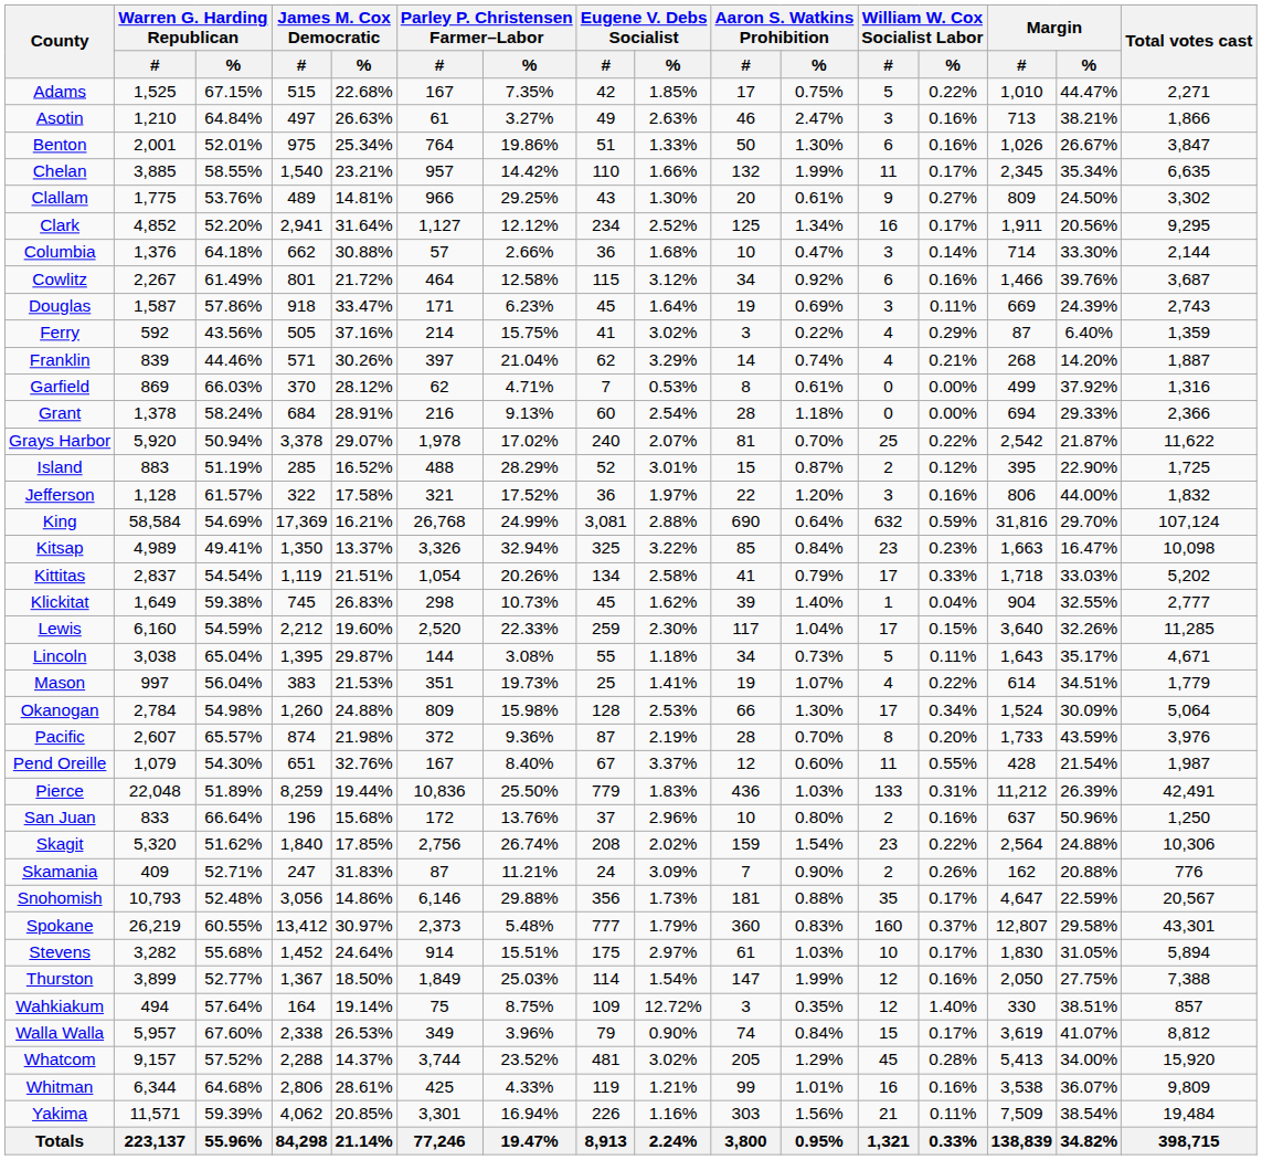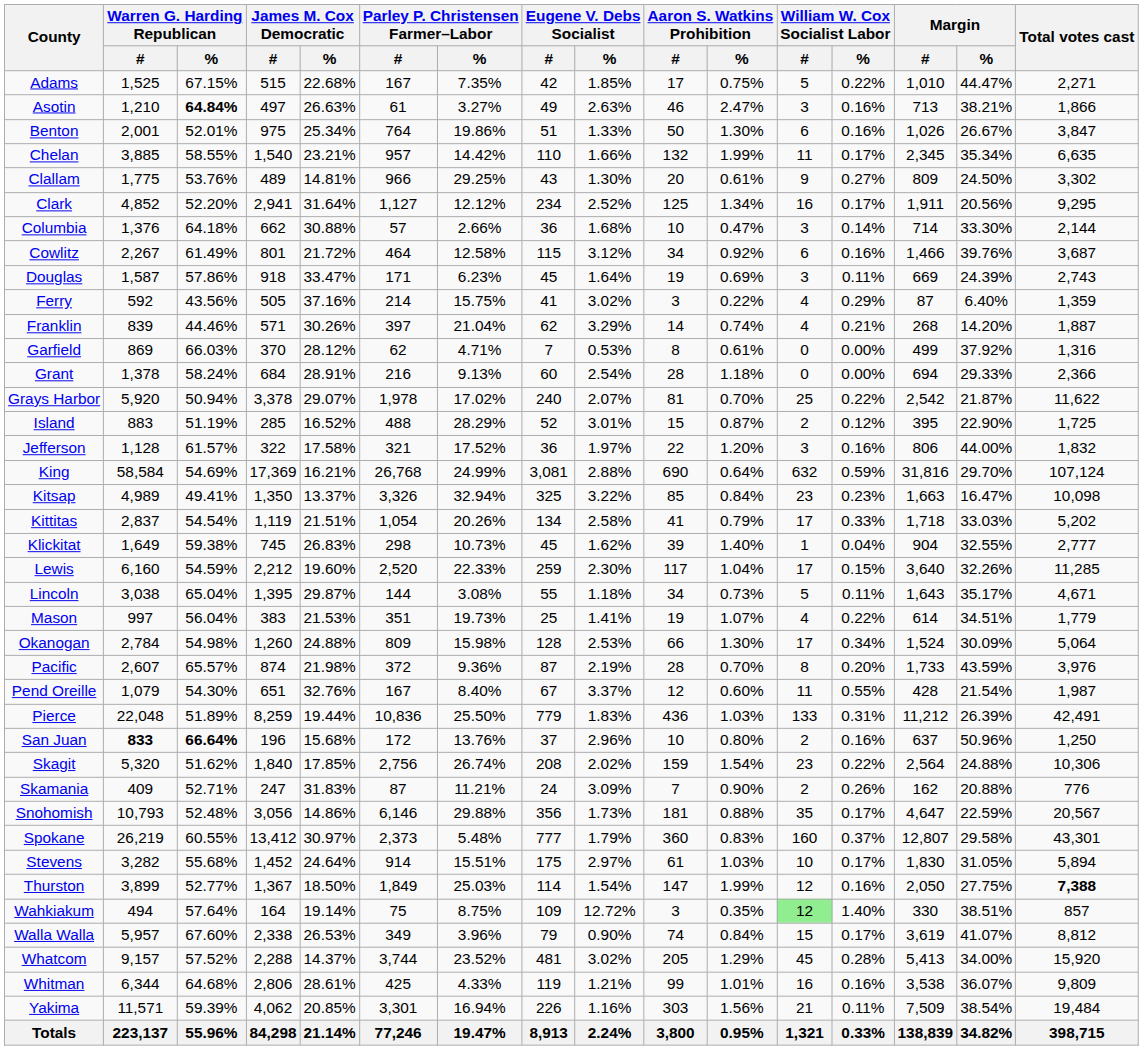 <table class="wikitable sortable">
 <tr>
 <th style="text-align:center;" rowspan="2">County</th>
 <th style="text-align:center;" colspan="2"><a href='#'>Warren G. Harding</a><br>Republican</th>
 <th style="text-align:center;" colspan="2"><a href='#'>James M. Cox</a><br>Democratic</th>
 <th style="text-align:center;" colspan="2"><a href='#'>Parley P. Christensen</a><br>Farmer–Labor</th>
 <th style="text-align:center;" colspan="2"><a href='#'>Eugene V. Debs</a><br>Socialist</th>
 <th style="text-align:center;" colspan="2"><a href='#'>Aaron S. Watkins</a><br>Prohibition</th>
 <th style="text-align:center;" colspan="2"><a href='#'>William W. Cox</a><br>Socialist Labor</th>
 <th style="text-align:center;" colspan="2">Margin</th>
 <th style="text-align:center;" rowspan="2">Total votes cast</th>
 </tr>
 <tr bgcolor="lightgrey">
 <th style="text-align:center;" data-sort-type="number">#</th>
 <th style="text-align:center;" data-sort-type="number">%</th>
 <th style="text-align:center;" data-sort-type="number">#</th>
 <th style="text-align:center;" data-sort-type="number">%</th>
 <th style="text-align:center;" data-sort-type="number">#</th>
 <th style="text-align:center;" data-sort-type="number">%</th>
 <th style="text-align:center;" data-sort-type="number">#</th>
 <th style="text-align:center;" data-sort-type="number">%</th>
 <th style="text-align:center;" data-sort-type="number">#</th>
 <th style="text-align:center;" data-sort-type="number">%</th>
 <th style="text-align:center;" data-sort-type="number">#</th>
 <th style="text-align:center;" data-sort-type="number">%</th>
 <th style="text-align:center;" data-sort-type="number">#</th>
 <th style="text-align:center;" data-sort-type="number">%</th>
 </tr>
 <tr style="text-align:center;">
 <td><a href='#'>Adams</a></td>
 <td>1,525</td>
 <td>67.15%</td>
 <td>515</td>
 <td>22.68%</td>
 <td>167</td>
 <td>7.35%</td>
 <td>42</td>
 <td>1.85%</td>
 <td>17</td>
 <td>0.75%</td>
 <td>5</td>
 <td>0.22%</td>
 <td>1,010</td>
 <td>44.47%</td>
 <td>2,271</td>
 </tr>
 <tr style="text-align:center;">
 <td><a href='#'>Asotin</a></td>
 <td>1,210</td>
-<td>64.84%</td>
+<td><strong>64.84%</strong></td>
 <td>497</td>
 <td>26.63%</td>
 <td>61</td>
 <td>3.27%</td>
 <td>49</td>
 <td>2.63%</td>
 <td>46</td>
 <td>2.47%</td>
 <td>3</td>
 <td>0.16%</td>
 <td>713</td>
 <td>38.21%</td>
 <td>1,866</td>
 </tr>
 <tr style="text-align:center;">
 <td><a href='#'>Benton</a></td>
 <td>2,001</td>
 <td>52.01%</td>
 <td>975</td>
 <td>25.34%</td>
 <td>764</td>
 <td>19.86%</td>
 <td>51</td>
 <td>1.33%</td>
 <td>50</td>
 <td>1.30%</td>
 <td>6</td>
 <td>0.16%</td>
 <td>1,026</td>
 <td>26.67%</td>
 <td>3,847</td>
 </tr>
 <tr style="text-align:center;">
 <td><a href='#'>Chelan</a></td>
 <td>3,885</td>
 <td>58.55%</td>
 <td>1,540</td>
 <td>23.21%</td>
 <td>957</td>
 <td>14.42%</td>
 <td>110</td>
 <td>1.66%</td>
 <td>132</td>
 <td>1.99%</td>
 <td>11</td>
 <td>0.17%</td>
 <td>2,345</td>
 <td>35.34%</td>
 <td>6,635</td>
 </tr>
 <tr style="text-align:center;">
 <td><a href='#'>Clallam</a></td>
 <td>1,775</td>
 <td>53.76%</td>
 <td>489</td>
 <td>14.81%</td>
 <td>966</td>
 <td>29.25%</td>
 <td>43</td>
 <td>1.30%</td>
 <td>20</td>
 <td>0.61%</td>
 <td>9</td>
 <td>0.27%</td>
 <td>809</td>
 <td>24.50%</td>
 <td>3,302</td>
 </tr>
 <tr style="text-align:center;">
 <td><a href='#'>Clark</a></td>
 <td>4,852</td>
 <td>52.20%</td>
 <td>2,941</td>
 <td>31.64%</td>
 <td>1,127</td>
 <td>12.12%</td>
 <td>234</td>
 <td>2.52%</td>
 <td>125</td>
 <td>1.34%</td>
 <td>16</td>
 <td>0.17%</td>
 <td>1,911</td>
 <td>20.56%</td>
 <td>9,295</td>
 </tr>
 <tr style="text-align:center;">
 <td><a href='#'>Columbia</a></td>
 <td>1,376</td>
 <td>64.18%</td>
 <td>662</td>
 <td>30.88%</td>
 <td>57</td>
 <td>2.66%</td>
 <td>36</td>
 <td>1.68%</td>
 <td>10</td>
 <td>0.47%</td>
 <td>3</td>
 <td>0.14%</td>
 <td>714</td>
 <td>33.30%</td>
 <td>2,144</td>
 </tr>
 <tr style="text-align:center;">
 <td><a href='#'>Cowlitz</a></td>
 <td>2,267</td>
 <td>61.49%</td>
 <td>801</td>
 <td>21.72%</td>
 <td>464</td>
 <td>12.58%</td>
 <td>115</td>
 <td>3.12%</td>
 <td>34</td>
 <td>0.92%</td>
 <td>6</td>
 <td>0.16%</td>
 <td>1,466</td>
 <td>39.76%</td>
 <td>3,687</td>
 </tr>
 <tr style="text-align:center;">
 <td><a href='#'>Douglas</a></td>
 <td>1,587</td>
 <td>57.86%</td>
 <td>918</td>
 <td>33.47%</td>
 <td>171</td>
 <td>6.23%</td>
 <td>45</td>
 <td>1.64%</td>
 <td>19</td>
 <td>0.69%</td>
 <td>3</td>
 <td>0.11%</td>
 <td>669</td>
 <td>24.39%</td>
 <td>2,743</td>
 </tr>
 <tr style="text-align:center;">
 <td><a href='#'>Ferry</a></td>
 <td>592</td>
 <td>43.56%</td>
 <td>505</td>
 <td>37.16%</td>
 <td>214</td>
 <td>15.75%</td>
 <td>41</td>
 <td>3.02%</td>
 <td>3</td>
 <td>0.22%</td>
 <td>4</td>
 <td>0.29%</td>
 <td>87</td>
 <td>6.40%</td>
 <td>1,359</td>
 </tr>
 <tr style="text-align:center;">
 <td><a href='#'>Franklin</a></td>
 <td>839</td>
 <td>44.46%</td>
 <td>571</td>
 <td>30.26%</td>
 <td>397</td>
 <td>21.04%</td>
 <td>62</td>
 <td>3.29%</td>
 <td>14</td>
 <td>0.74%</td>
 <td>4</td>
 <td>0.21%</td>
 <td>268</td>
 <td>14.20%</td>
 <td>1,887</td>
 </tr>
 <tr style="text-align:center;">
 <td><a href='#'>Garfield</a></td>
 <td>869</td>
 <td>66.03%</td>
 <td>370</td>
 <td>28.12%</td>
 <td>62</td>
 <td>4.71%</td>
 <td>7</td>
 <td>0.53%</td>
 <td>8</td>
 <td>0.61%</td>
 <td>0</td>
 <td>0.00%</td>
 <td>499</td>
 <td>37.92%</td>
 <td>1,316</td>
 </tr>
 <tr style="text-align:center;">
 <td><a href='#'>Grant</a></td>
 <td>1,378</td>
 <td>58.24%</td>
 <td>684</td>
 <td>28.91%</td>
 <td>216</td>
 <td>9.13%</td>
 <td>60</td>
 <td>2.54%</td>
 <td>28</td>
 <td>1.18%</td>
 <td>0</td>
 <td>0.00%</td>
 <td>694</td>
 <td>29.33%</td>
 <td>2,366</td>
 </tr>
 <tr style="text-align:center;">
 <td><a href='#'>Grays Harbor</a></td>
 <td>5,920</td>
 <td>50.94%</td>
 <td>3,378</td>
 <td>29.07%</td>
 <td>1,978</td>
 <td>17.02%</td>
 <td>240</td>
 <td>2.07%</td>
 <td>81</td>
 <td>0.70%</td>
 <td>25</td>
 <td>0.22%</td>
 <td>2,542</td>
 <td>21.87%</td>
 <td>11,622</td>
 </tr>
 <tr style="text-align:center;">
 <td><a href='#'>Island</a></td>
 <td>883</td>
 <td>51.19%</td>
 <td>285</td>
 <td>16.52%</td>
 <td>488</td>
 <td>28.29%</td>
 <td>52</td>
 <td>3.01%</td>
 <td>15</td>
 <td>0.87%</td>
 <td>2</td>
 <td>0.12%</td>
 <td>395</td>
 <td>22.90%</td>
 <td>1,725</td>
 </tr>
 <tr style="text-align:center;">
 <td><a href='#'>Jefferson</a></td>
 <td>1,128</td>
 <td>61.57%</td>
 <td>322</td>
 <td>17.58%</td>
 <td>321</td>
 <td>17.52%</td>
 <td>36</td>
 <td>1.97%</td>
 <td>22</td>
 <td>1.20%</td>
 <td>3</td>
 <td>0.16%</td>
 <td>806</td>
 <td>44.00%</td>
 <td>1,832</td>
 </tr>
 <tr style="text-align:center;">
 <td><a href='#'>King</a></td>
 <td>58,584</td>
 <td>54.69%</td>
 <td>17,369</td>
 <td>16.21%</td>
 <td>26,768</td>
 <td>24.99%</td>
 <td>3,081</td>
 <td>2.88%</td>
 <td>690</td>
 <td>0.64%</td>
 <td>632</td>
 <td>0.59%</td>
 <td>31,816</td>
 <td>29.70%</td>
 <td>107,124</td>
 </tr>
 <tr style="text-align:center;">
 <td><a href='#'>Kitsap</a></td>
 <td>4,989</td>
 <td>49.41%</td>
 <td>1,350</td>
 <td>13.37%</td>
 <td>3,326</td>
 <td>32.94%</td>
 <td>325</td>
 <td>3.22%</td>
 <td>85</td>
 <td>0.84%</td>
 <td>23</td>
 <td>0.23%</td>
 <td>1,663</td>
 <td>16.47%</td>
 <td>10,098</td>
 </tr>
 <tr style="text-align:center;">
 <td><a href='#'>Kittitas</a></td>
 <td>2,837</td>
 <td>54.54%</td>
 <td>1,119</td>
 <td>21.51%</td>
 <td>1,054</td>
 <td>20.26%</td>
 <td>134</td>
 <td>2.58%</td>
 <td>41</td>
 <td>0.79%</td>
 <td>17</td>
 <td>0.33%</td>
 <td>1,718</td>
 <td>33.03%</td>
 <td>5,202</td>
 </tr>
 <tr style="text-align:center;">
 <td><a href='#'>Klickitat</a></td>
 <td>1,649</td>
 <td>59.38%</td>
 <td>745</td>
 <td>26.83%</td>
 <td>298</td>
 <td>10.73%</td>
 <td>45</td>
 <td>1.62%</td>
 <td>39</td>
 <td>1.40%</td>
 <td>1</td>
 <td>0.04%</td>
 <td>904</td>
 <td>32.55%</td>
 <td>2,777</td>
 </tr>
 <tr style="text-align:center;">
 <td><a href='#'>Lewis</a></td>
 <td>6,160</td>
 <td>54.59%</td>
 <td>2,212</td>
 <td>19.60%</td>
 <td>2,520</td>
 <td>22.33%</td>
 <td>259</td>
 <td>2.30%</td>
 <td>117</td>
 <td>1.04%</td>
 <td>17</td>
 <td>0.15%</td>
 <td>3,640</td>
 <td>32.26%</td>
 <td>11,285</td>
 </tr>
 <tr style="text-align:center;">
 <td><a href='#'>Lincoln</a></td>
 <td>3,038</td>
 <td>65.04%</td>
 <td>1,395</td>
 <td>29.87%</td>
 <td>144</td>
 <td>3.08%</td>
 <td>55</td>
 <td>1.18%</td>
 <td>34</td>
 <td>0.73%</td>
 <td>5</td>
 <td>0.11%</td>
 <td>1,643</td>
 <td>35.17%</td>
 <td>4,671</td>
 </tr>
 <tr style="text-align:center;">
 <td><a href='#'>Mason</a></td>
 <td>997</td>
 <td>56.04%</td>
 <td>383</td>
 <td>21.53%</td>
 <td>351</td>
 <td>19.73%</td>
 <td>25</td>
 <td>1.41%</td>
 <td>19</td>
 <td>1.07%</td>
 <td>4</td>
 <td>0.22%</td>
 <td>614</td>
 <td>34.51%</td>
 <td>1,779</td>
 </tr>
 <tr style="text-align:center;">
 <td><a href='#'>Okanogan</a></td>
 <td>2,784</td>
 <td>54.98%</td>
 <td>1,260</td>
 <td>24.88%</td>
 <td>809</td>
 <td>15.98%</td>
 <td>128</td>
 <td>2.53%</td>
 <td>66</td>
 <td>1.30%</td>
 <td>17</td>
 <td>0.34%</td>
 <td>1,524</td>
 <td>30.09%</td>
 <td>5,064</td>
 </tr>
 <tr style="text-align:center;">
 <td><a href='#'>Pacific</a></td>
 <td>2,607</td>
 <td>65.57%</td>
 <td>874</td>
 <td>21.98%</td>
 <td>372</td>
 <td>9.36%</td>
 <td>87</td>
 <td>2.19%</td>
 <td>28</td>
 <td>0.70%</td>
 <td>8</td>
 <td>0.20%</td>
 <td>1,733</td>
 <td>43.59%</td>
 <td>3,976</td>
 </tr>
 <tr style="text-align:center;">
 <td><a href='#'>Pend Oreille</a></td>
 <td>1,079</td>
 <td>54.30%</td>
 <td>651</td>
 <td>32.76%</td>
 <td>167</td>
 <td>8.40%</td>
 <td>67</td>
 <td>3.37%</td>
 <td>12</td>
 <td>0.60%</td>
 <td>11</td>
 <td>0.55%</td>
 <td>428</td>
 <td>21.54%</td>
 <td>1,987</td>
 </tr>
 <tr style="text-align:center;">
 <td><a href='#'>Pierce</a></td>
 <td>22,048</td>
 <td>51.89%</td>
 <td>8,259</td>
 <td>19.44%</td>
 <td>10,836</td>
 <td>25.50%</td>
 <td>779</td>
 <td>1.83%</td>
 <td>436</td>
 <td>1.03%</td>
 <td>133</td>
 <td>0.31%</td>
 <td>11,212</td>
 <td>26.39%</td>
 <td>42,491</td>
 </tr>
 <tr style="text-align:center;">
 <td><a href='#'>San Juan</a></td>
-<td>833</td>
-<td>66.64%</td>
+<td><strong>833</strong></td>
+<td><strong>66.64%</strong></td>
 <td>196</td>
 <td>15.68%</td>
 <td>172</td>
 <td>13.76%</td>
 <td>37</td>
 <td>2.96%</td>
 <td>10</td>
 <td>0.80%</td>
 <td>2</td>
 <td>0.16%</td>
 <td>637</td>
 <td>50.96%</td>
 <td>1,250</td>
 </tr>
 <tr style="text-align:center;">
 <td><a href='#'>Skagit</a></td>
 <td>5,320</td>
 <td>51.62%</td>
 <td>1,840</td>
 <td>17.85%</td>
 <td>2,756</td>
 <td>26.74%</td>
 <td>208</td>
 <td>2.02%</td>
 <td>159</td>
 <td>1.54%</td>
 <td>23</td>
 <td>0.22%</td>
 <td>2,564</td>
 <td>24.88%</td>
 <td>10,306</td>
 </tr>
 <tr style="text-align:center;">
 <td><a href='#'>Skamania</a></td>
 <td>409</td>
 <td>52.71%</td>
 <td>247</td>
 <td>31.83%</td>
 <td>87</td>
 <td>11.21%</td>
 <td>24</td>
 <td>3.09%</td>
 <td>7</td>
 <td>0.90%</td>
 <td>2</td>
 <td>0.26%</td>
 <td>162</td>
 <td>20.88%</td>
 <td>776</td>
 </tr>
 <tr style="text-align:center;">
 <td><a href='#'>Snohomish</a></td>
 <td>10,793</td>
 <td>52.48%</td>
 <td>3,056</td>
 <td>14.86%</td>
 <td>6,146</td>
 <td>29.88%</td>
 <td>356</td>
 <td>1.73%</td>
 <td>181</td>
 <td>0.88%</td>
 <td>35</td>
 <td>0.17%</td>
 <td>4,647</td>
 <td>22.59%</td>
 <td>20,567</td>
 </tr>
 <tr style="text-align:center;">
 <td><a href='#'>Spokane</a></td>
 <td>26,219</td>
 <td>60.55%</td>
 <td>13,412</td>
 <td>30.97%</td>
 <td>2,373</td>
 <td>5.48%</td>
 <td>777</td>
 <td>1.79%</td>
 <td>360</td>
 <td>0.83%</td>
 <td>160</td>
 <td>0.37%</td>
 <td>12,807</td>
 <td>29.58%</td>
 <td>43,301</td>
 </tr>
 <tr style="text-align:center;">
 <td><a href='#'>Stevens</a></td>
 <td>3,282</td>
 <td>55.68%</td>
 <td>1,452</td>
 <td>24.64%</td>
 <td>914</td>
 <td>15.51%</td>
 <td>175</td>
 <td>2.97%</td>
 <td>61</td>
 <td>1.03%</td>
 <td>10</td>
 <td>0.17%</td>
 <td>1,830</td>
 <td>31.05%</td>
 <td>5,894</td>
 </tr>
 <tr style="text-align:center;">
 <td><a href='#'>Thurston</a></td>
 <td>3,899</td>
 <td>52.77%</td>
 <td>1,367</td>
 <td>18.50%</td>
 <td>1,849</td>
 <td>25.03%</td>
 <td>114</td>
 <td>1.54%</td>
 <td>147</td>
 <td>1.99%</td>
 <td>12</td>
 <td>0.16%</td>
 <td>2,050</td>
 <td>27.75%</td>
-<td>7,388</td>
+<td><strong>7,388</strong></td>
 </tr>
 <tr style="text-align:center;">
 <td><a href='#'>Wahkiakum</a></td>
 <td>494</td>
 <td>57.64%</td>
 <td>164</td>
 <td>19.14%</td>
 <td>75</td>
 <td>8.75%</td>
 <td>109</td>
 <td>12.72%</td>
 <td>3</td>
 <td>0.35%</td>
-<td>12</td>
+<td style="background: lightgreen;">12</td>
 <td>1.40%</td>
 <td>330</td>
 <td>38.51%</td>
 <td>857</td>
 </tr>
 <tr style="text-align:center;">
 <td><a href='#'>Walla Walla</a></td>
 <td>5,957</td>
 <td>67.60%</td>
 <td>2,338</td>
 <td>26.53%</td>
 <td>349</td>
 <td>3.96%</td>
 <td>79</td>
 <td>0.90%</td>
 <td>74</td>
 <td>0.84%</td>
 <td>15</td>
 <td>0.17%</td>
 <td>3,619</td>
 <td>41.07%</td>
 <td>8,812</td>
 </tr>
 <tr style="text-align:center;">
 <td><a href='#'>Whatcom</a></td>
 <td>9,157</td>
 <td>57.52%</td>
 <td>2,288</td>
 <td>14.37%</td>
 <td>3,744</td>
 <td>23.52%</td>
 <td>481</td>
 <td>3.02%</td>
 <td>205</td>
 <td>1.29%</td>
 <td>45</td>
 <td>0.28%</td>
 <td>5,413</td>
 <td>34.00%</td>
 <td>15,920</td>
 </tr>
 <tr style="text-align:center;">
 <td><a href='#'>Whitman</a></td>
 <td>6,344</td>
 <td>64.68%</td>
 <td>2,806</td>
 <td>28.61%</td>
 <td>425</td>
 <td>4.33%</td>
 <td>119</td>
 <td>1.21%</td>
 <td>99</td>
 <td>1.01%</td>
 <td>16</td>
 <td>0.16%</td>
 <td>3,538</td>
 <td>36.07%</td>
 <td>9,809</td>
 </tr>
 <tr style="text-align:center;">
 <td><a href='#'>Yakima</a></td>
 <td>11,571</td>
 <td>59.39%</td>
 <td>4,062</td>
 <td>20.85%</td>
 <td>3,301</td>
 <td>16.94%</td>
 <td>226</td>
 <td>1.16%</td>
 <td>303</td>
 <td>1.56%</td>
 <td>21</td>
 <td>0.11%</td>
 <td>7,509</td>
 <td>38.54%</td>
 <td>19,484</td>
 </tr>
 <tr style="text-align:center;">
 <th>Totals</th>
 <th>223,137</th>
 <th>55.96%</th>
 <th>84,298</th>
 <th>21.14%</th>
 <th>77,246</th>
 <th>19.47%</th>
 <th>8,913</th>
 <th>2.24%</th>
 <th>3,800</th>
 <th>0.95%</th>
 <th>1,321</th>
 <th>0.33%</th>
 <th>138,839</th>
 <th>34.82%</th>
 <th>398,715</th>
 </tr>
 </table>
